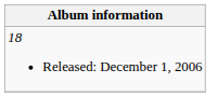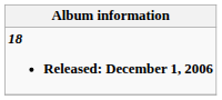 <table class="wikitable">
 <tr>
 <th align="left">Album information</th>
 </tr>
 <tr>
-<td align="left"><em>18</em><br><ul><li>Released: December 1, 2006</li></ul></td>
+<td align="left"><strong><em>18</em><br><ul><li>Released: December 1, 2006</li></ul></strong></td>
 </tr>
 <tr>
 </tr>
 </table>
